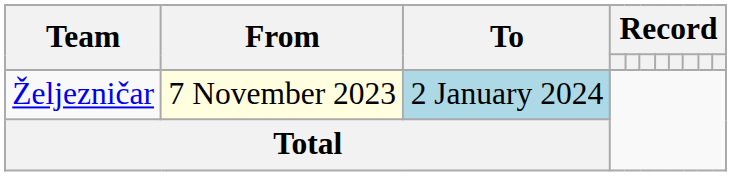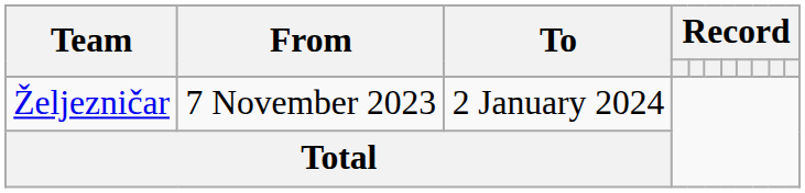 <table class=wikitable style="text-align: center">
 <tr>
 <th rowspan=2>Team</th>
 <th rowspan=2>From</th>
 <th rowspan=2>To</th>
 <th colspan=8>Record</th>
 </tr>
 <tr>
 <th></th>
 <th></th>
 <th></th>
 <th></th>
 <th></th>
 <th></th>
 <th></th>
 <th></th>
 </tr>
 <tr>
 <td align=left><a href='#'>Željezničar</a></td>
-<td align=left style="background: lightyellow;">7 November 2023</td>
-<td align=left style="background: lightblue;">2 January 2024<br></td>
+<td align=left>7 November 2023</td>
+<td align=left>2 January 2024<br></td>
 </tr>
 <tr>
 <th colspan=3>Total<br></th>
 </tr>
 </table>
